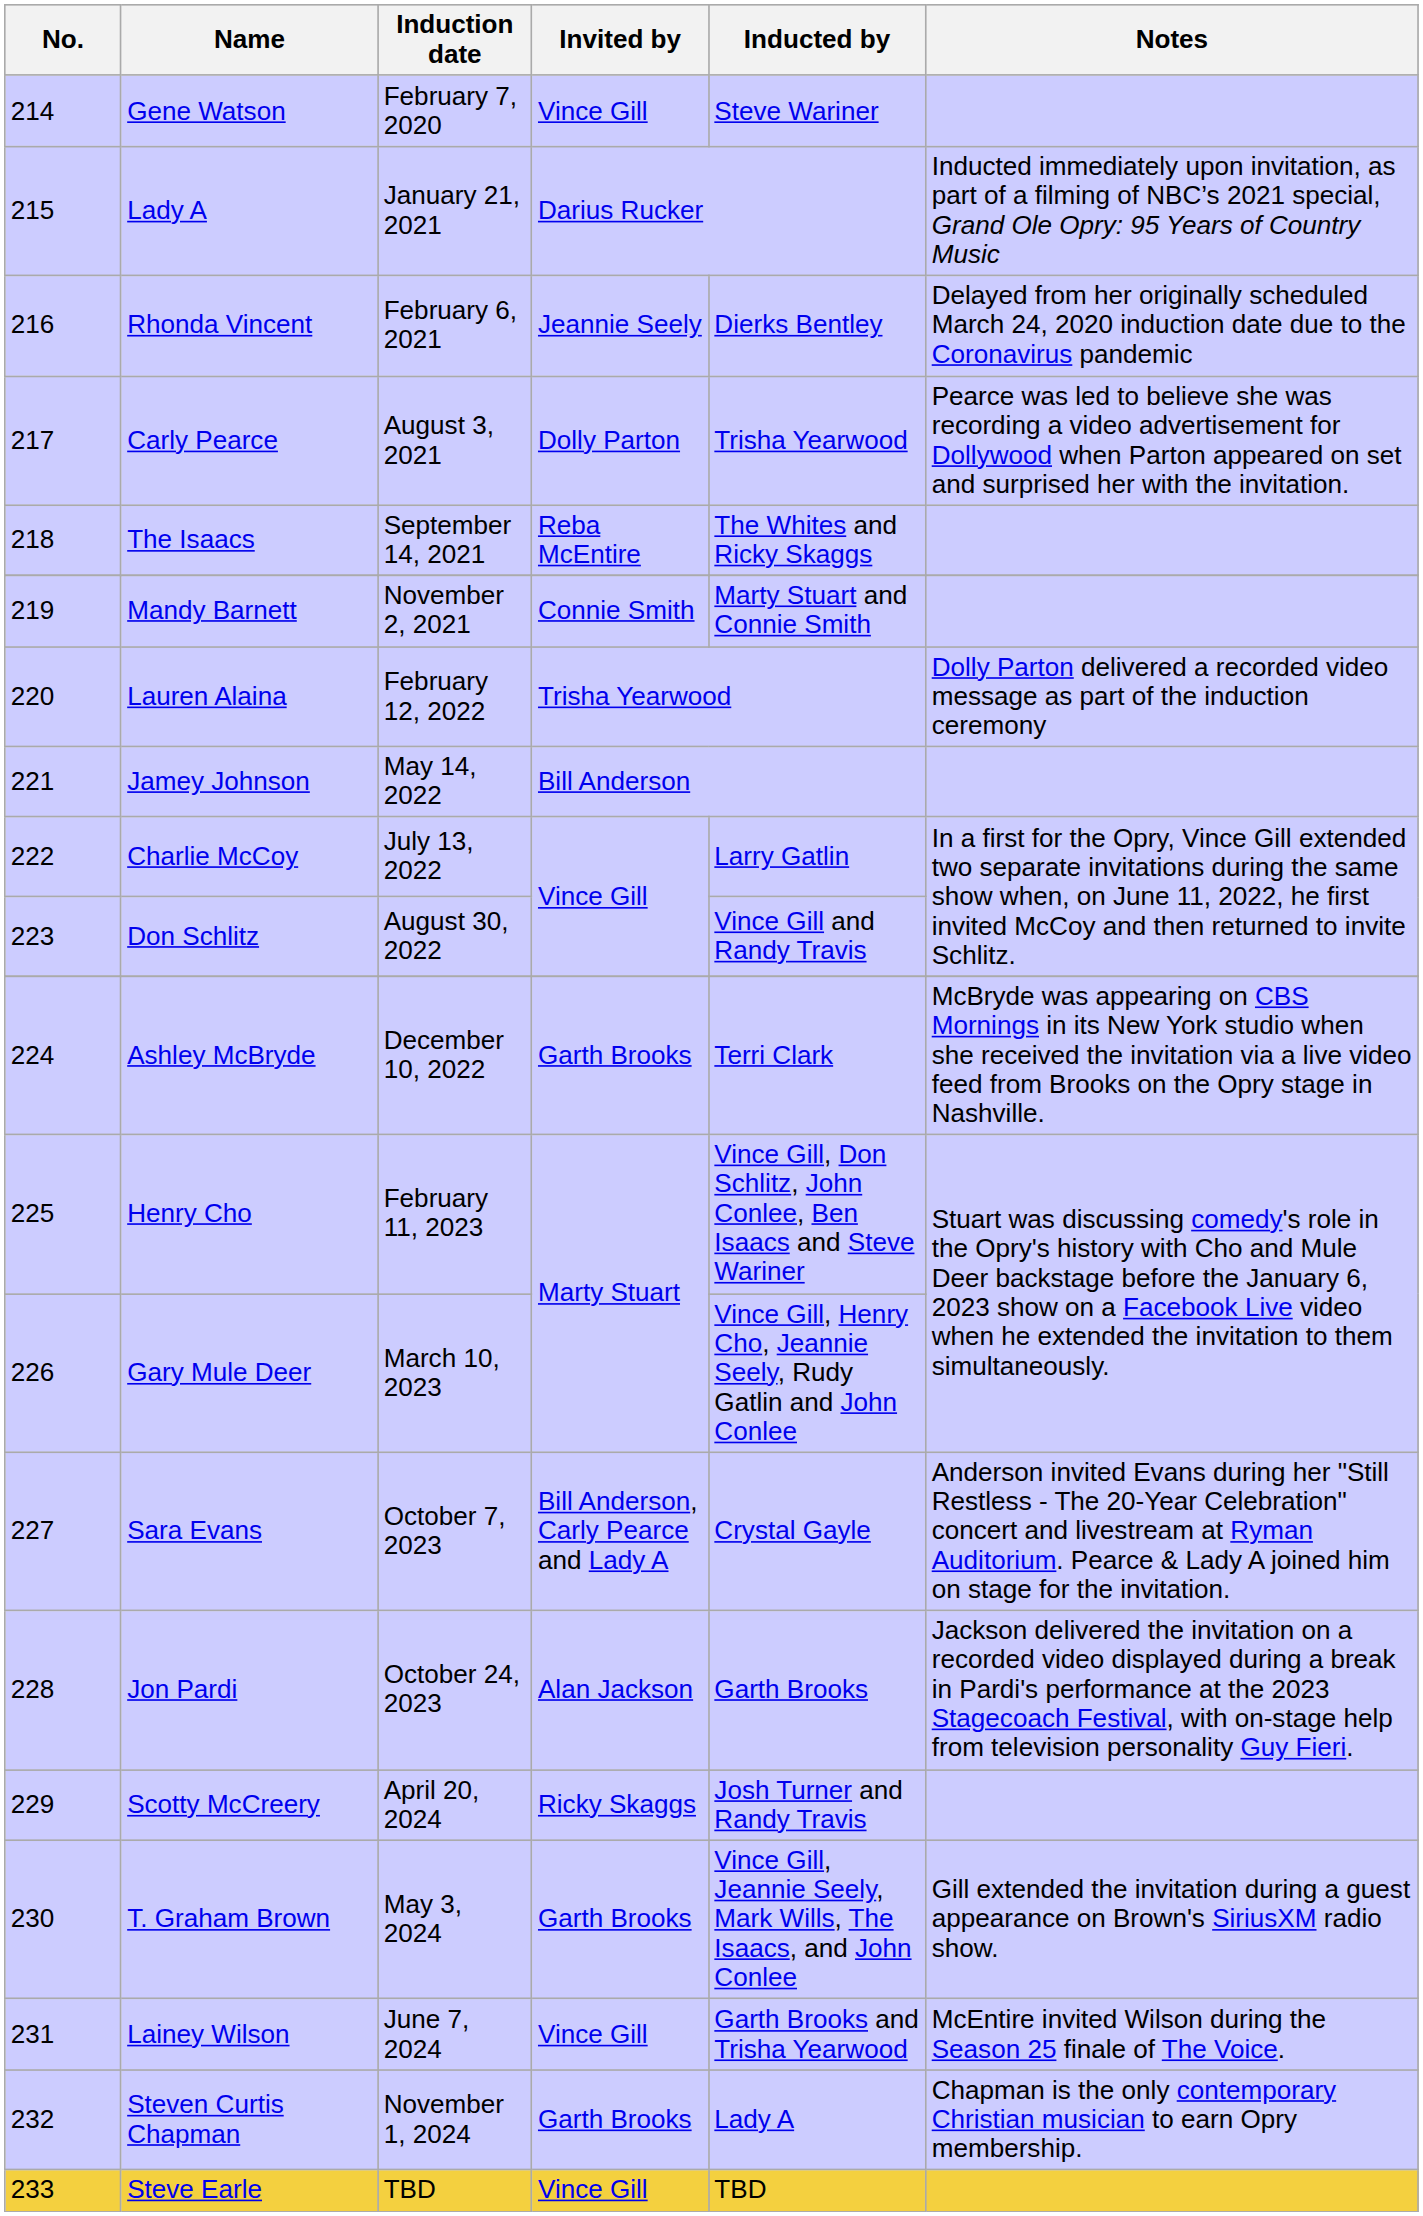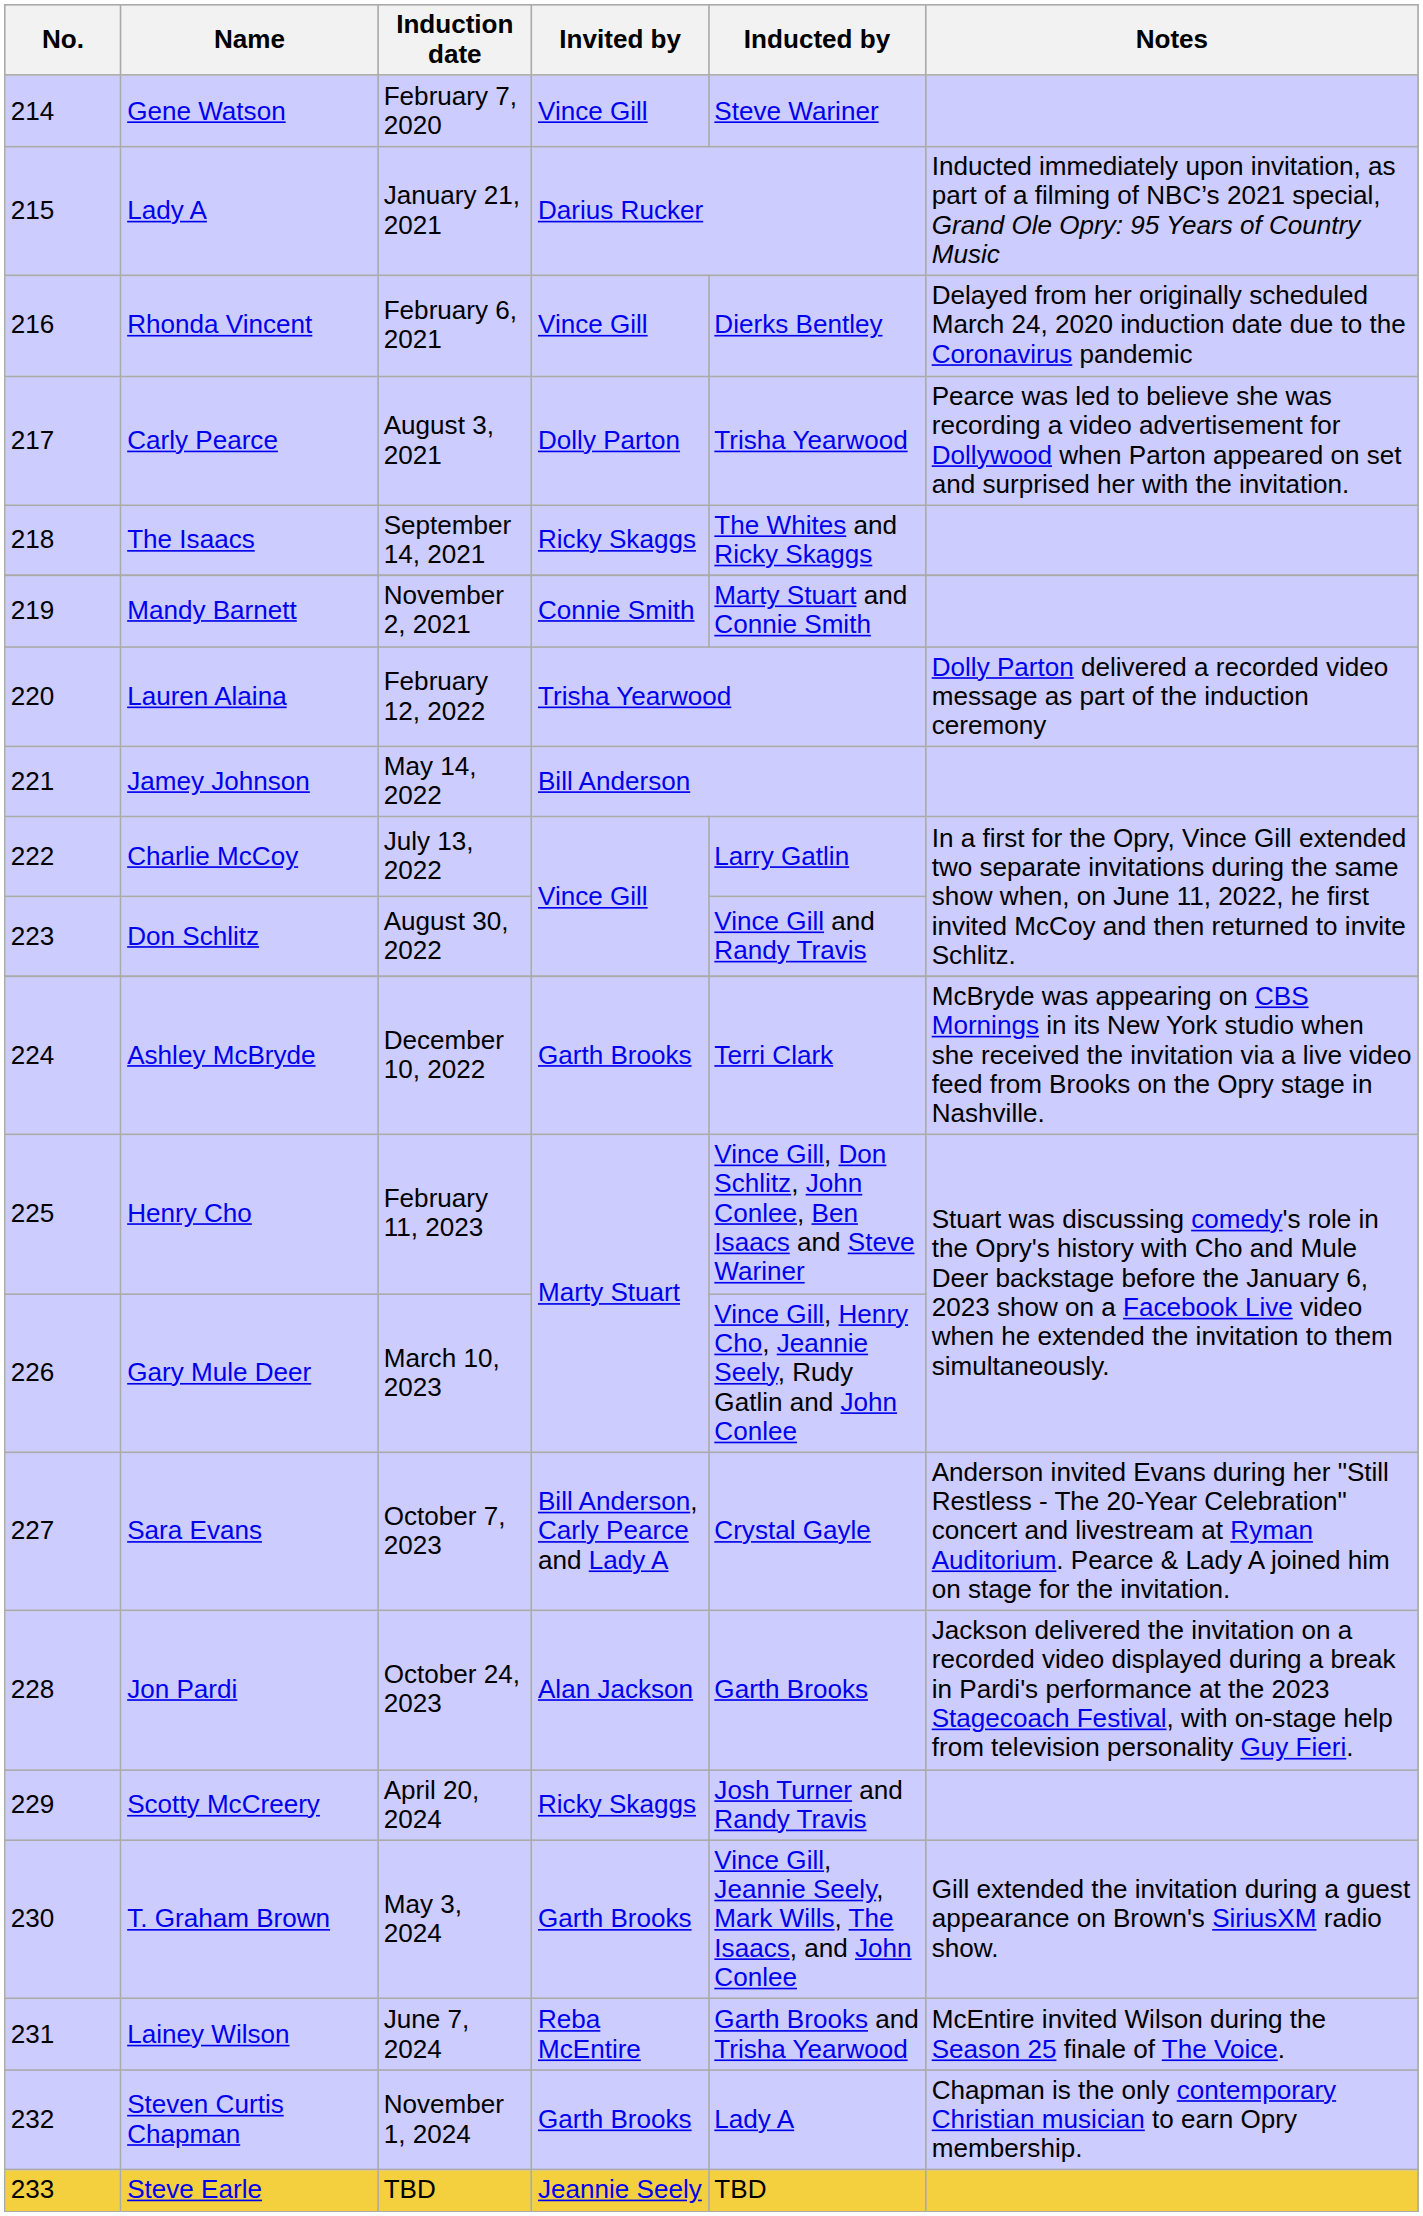 <table class="wikitable sortable">
 <tr>
 <th scope="col" style="width:4em;">No.</th>
 <th scope="col" style="width:150px;">Name</th>
 <th scope="col" class="unsortable" >Induction date</th>
 <th scope="col" class="unsortable">Invited by</th>
 <th scope="col" class="unsortable">Inducted by</th>
 <th scope="col" class="unsortable">Notes</th>
 </tr>
 <tr style="background:#ccccff">
 <td>214</td>
 <td><a href='#'>Gene Watson</a></td>
 <td>February 7, 2020</td>
 <td><a href='#'>Vince Gill</a></td>
 <td><a href='#'>Steve Wariner</a></td>
 <td></td>
 </tr>
 <tr style="background:#ccccff">
 <td>215</td>
 <td><a href='#'>Lady A</a></td>
 <td>January 21, 2021</td>
 <td colspan=2><a href='#'>Darius Rucker</a></td>
 <td>Inducted immediately upon invitation, as part of a filming of NBC’s 2021 special, <em>Grand Ole Opry: 95 Years of Country Music</em></td>
 </tr>
 <tr style="background:#ccccff">
 <td>216</td>
 <td><a href='#'>Rhonda Vincent</a></td>
 <td>February 6, 2021</td>
-<td><a href='#'>Jeannie Seely</a></td>
+<td><a href='#'>Vince Gill</a></td>
 <td><a href='#'>Dierks Bentley</a></td>
 <td>Delayed from her originally scheduled March 24, 2020 induction date due to the <a href='#'>Coronavirus</a> pandemic</td>
 </tr>
 <tr style="background:#ccccff">
 <td>217</td>
 <td><a href='#'>Carly Pearce</a></td>
 <td>August 3, 2021</td>
 <td><a href='#'>Dolly Parton</a></td>
 <td><a href='#'>Trisha Yearwood</a></td>
 <td>Pearce was led to believe she was recording a video advertisement for <a href='#'>Dollywood</a> when Parton appeared on set and surprised her with the invitation.</td>
 </tr>
 <tr style="background:#ccccff">
 <td>218</td>
 <td><a href='#'>The Isaacs</a></td>
 <td>September 14, 2021</td>
-<td><a href='#'>Reba McEntire</a></td>
+<td><a href='#'>Ricky Skaggs</a></td>
 <td><a href='#'>The Whites</a> and <a href='#'>Ricky Skaggs</a></td>
 <td></td>
 </tr>
 <tr>
 </tr>
 <tr style="background:#ccccff">
 <td>219</td>
 <td><a href='#'>Mandy Barnett</a></td>
 <td>November 2, 2021</td>
 <td><a href='#'>Connie Smith</a></td>
 <td><a href='#'>Marty Stuart</a> and <a href='#'>Connie Smith</a></td>
 <td></td>
 </tr>
 <tr style="background:#ccccff">
 <td>220</td>
 <td><a href='#'>Lauren Alaina</a></td>
 <td>February 12, 2022</td>
 <td colspan=2><a href='#'>Trisha Yearwood</a></td>
 <td><a href='#'>Dolly Parton</a> delivered a recorded video message as part of the induction ceremony</td>
 </tr>
 <tr style="background:#ccccff">
 <td>221</td>
 <td><a href='#'>Jamey Johnson</a></td>
 <td>May 14, 2022</td>
 <td colspan=2><a href='#'>Bill Anderson</a></td>
 <td></td>
 </tr>
 <tr style="background:#ccccff">
 <td>222</td>
 <td><a href='#'>Charlie McCoy</a></td>
 <td>July 13, 2022</td>
 <td rowspan=2><a href='#'>Vince Gill</a></td>
 <td><a href='#'>Larry Gatlin</a></td>
 <td rowspan=2>In a first for the Opry, Vince Gill extended two separate invitations during the same show when, on June 11, 2022, he first invited McCoy and then returned to invite Schlitz.</td>
 </tr>
 <tr style="background:#ccccff">
 <td>223</td>
 <td><a href='#'>Don Schlitz</a></td>
 <td>August 30, 2022</td>
 <td><a href='#'>Vince Gill</a> and <a href='#'>Randy Travis</a></td>
 </tr>
 <tr>
 </tr>
 <tr style="background:#ccccff">
 <td>224</td>
 <td><a href='#'>Ashley McBryde</a></td>
 <td>December 10, 2022</td>
 <td><a href='#'>Garth Brooks</a></td>
 <td><a href='#'>Terri Clark</a></td>
 <td>McBryde was appearing on <a href='#'>CBS Mornings</a> in its New York studio when she received the invitation via a live video feed from Brooks on the Opry stage in Nashville.</td>
 </tr>
 <tr style="background:#ccccff">
 <td>225</td>
 <td><a href='#'>Henry Cho</a></td>
 <td>February 11, 2023</td>
 <td rowspan=2><a href='#'>Marty Stuart</a></td>
 <td><a href='#'>Vince Gill</a>, <a href='#'>Don Schlitz</a>, <a href='#'>John Conlee</a>, <a href='#'>Ben Isaacs</a> and <a href='#'>Steve Wariner</a></td>
 <td rowspan=2>Stuart was discussing <a href='#'>comedy</a>'s role in the Opry's history with Cho and Mule Deer backstage before the January 6, 2023 show on a <a href='#'>Facebook Live</a> video when he extended the invitation to them simultaneously.</td>
 </tr>
 <tr style="background:#ccccff">
 <td>226</td>
 <td><a href='#'>Gary Mule Deer</a></td>
 <td>March 10, 2023</td>
 <td><a href='#'>Vince Gill</a>, <a href='#'>Henry Cho</a>, <a href='#'>Jeannie Seely</a>, Rudy Gatlin and <a href='#'>John Conlee</a></td>
 </tr>
 <tr style="background:#ccccff">
 <td>227</td>
 <td><a href='#'>Sara Evans</a></td>
 <td>October 7, 2023</td>
 <td><a href='#'>Bill Anderson</a>, <a href='#'>Carly Pearce</a> and <a href='#'>Lady A</a></td>
 <td><a href='#'>Crystal Gayle</a></td>
 <td>Anderson invited Evans during her "Still Restless - The 20-Year Celebration" concert and livestream at <a href='#'>Ryman Auditorium</a>. Pearce & Lady A joined him on stage for the invitation.</td>
 </tr>
 <tr style="background:#ccccff">
 <td>228</td>
 <td><a href='#'>Jon Pardi</a></td>
 <td>October 24, 2023<br></td>
 <td><a href='#'>Alan Jackson</a></td>
 <td><a href='#'>Garth Brooks</a></td>
 <td>Jackson delivered the invitation on a recorded video displayed during a break in Pardi's performance at the 2023 <a href='#'>Stagecoach Festival</a>, with on-stage help from television personality <a href='#'>Guy Fieri</a>.</td>
 </tr>
 <tr style="background:#ccccff">
 <td>229</td>
 <td><a href='#'>Scotty McCreery</a></td>
 <td>April 20, 2024<br></td>
 <td><a href='#'>Ricky Skaggs</a></td>
 <td><a href='#'>Josh Turner</a> and <a href='#'>Randy Travis</a></td>
 <td></td>
 </tr>
 <tr style="background:#ccccff">
 <td>230</td>
 <td><a href='#'>T. Graham Brown</a></td>
 <td>May 3, 2024</td>
 <td><a href='#'>Garth Brooks</a></td>
 <td><a href='#'>Vince Gill</a>, <a href='#'>Jeannie Seely</a>, <a href='#'>Mark Wills</a>, <a href='#'>The Isaacs</a>, and <a href='#'>John Conlee</a></td>
 <td>Gill extended the invitation during a guest appearance on Brown's <a href='#'>SiriusXM</a> radio show.</td>
 </tr>
 <tr style="background:#ccccff">
 <td>231</td>
 <td><a href='#'>Lainey Wilson</a></td>
 <td>June 7, 2024</td>
-<td><a href='#'>Vince Gill</a></td>
+<td><a href='#'>Reba McEntire</a></td>
 <td><a href='#'>Garth Brooks</a> and <a href='#'>Trisha Yearwood</a></td>
 <td>McEntire invited Wilson during the <a href='#'>Season 25</a> finale of <a href='#'>The Voice</a>.</td>
 </tr>
 <tr style="background:#ccccff">
 <td>232</td>
 <td><a href='#'>Steven Curtis Chapman</a></td>
 <td>November 1, 2024</td>
 <td><a href='#'>Garth Brooks</a></td>
 <td><a href='#'>Lady A</a></td>
 <td>Chapman is the only <a href='#'>contemporary Christian musician</a> to earn Opry membership.</td>
 </tr>
 <tr style="background:#F4D03F">
 <td>233</td>
 <td><a href='#'>Steve Earle</a></td>
 <td>TBD</td>
-<td><a href='#'>Vince Gill</a></td>
+<td><a href='#'>Jeannie Seely</a></td>
 <td>TBD</td>
 <td></td>
 </tr>
 </table>
